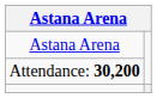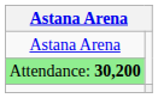 <table class="wikitable" style="text-align:center;">
 <tr>
 <th colspan="4" align="center"><a href='#'>Astana Arena</a></th>
 </tr>
 <tr>
 <td><a href='#'>Astana Arena</a></td>
 </tr>
 <tr>
-<td>Attendance: <strong>30,200</strong></td>
+<td style="background: lightgreen;">Attendance: <strong>30,200</strong></td>
 </tr>
 <tr>
 <td></td>
 <th rowspan=8 colspan=2></th>
 </tr>
 </table>
